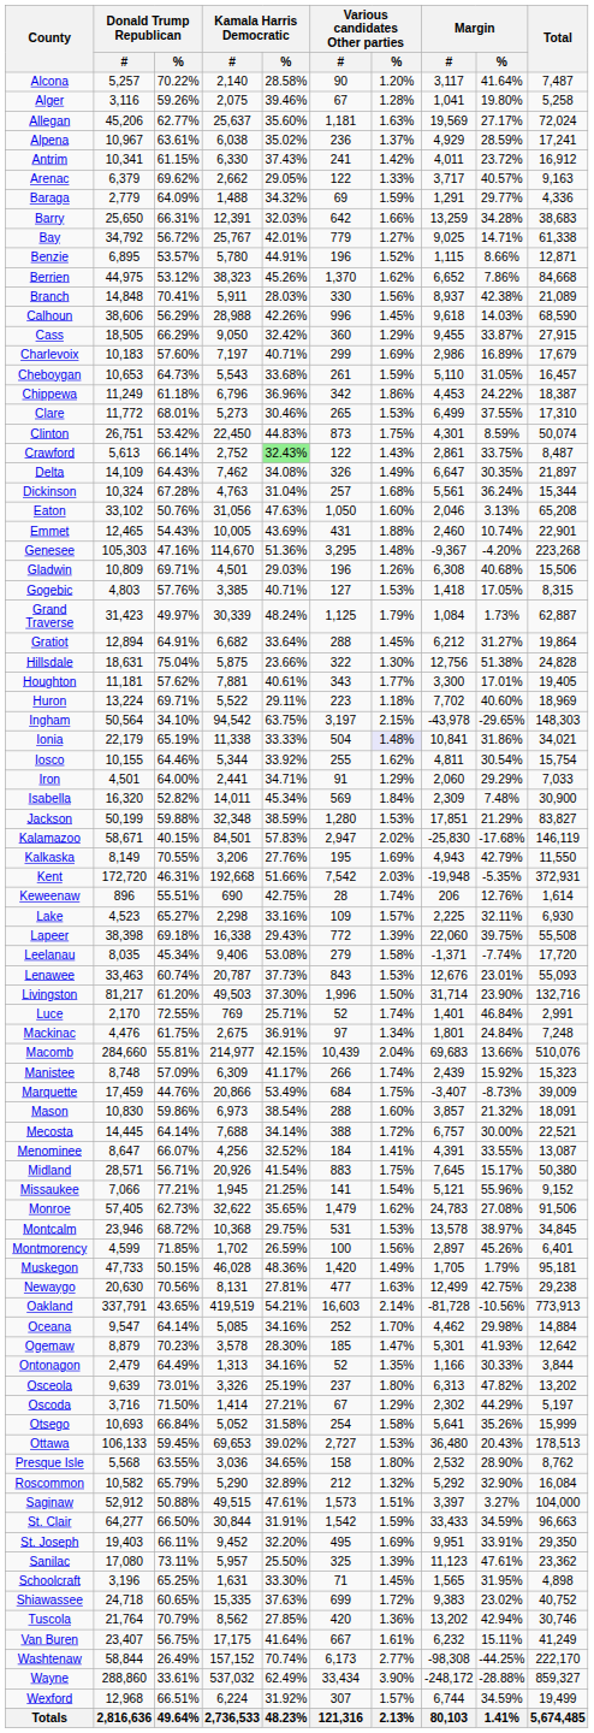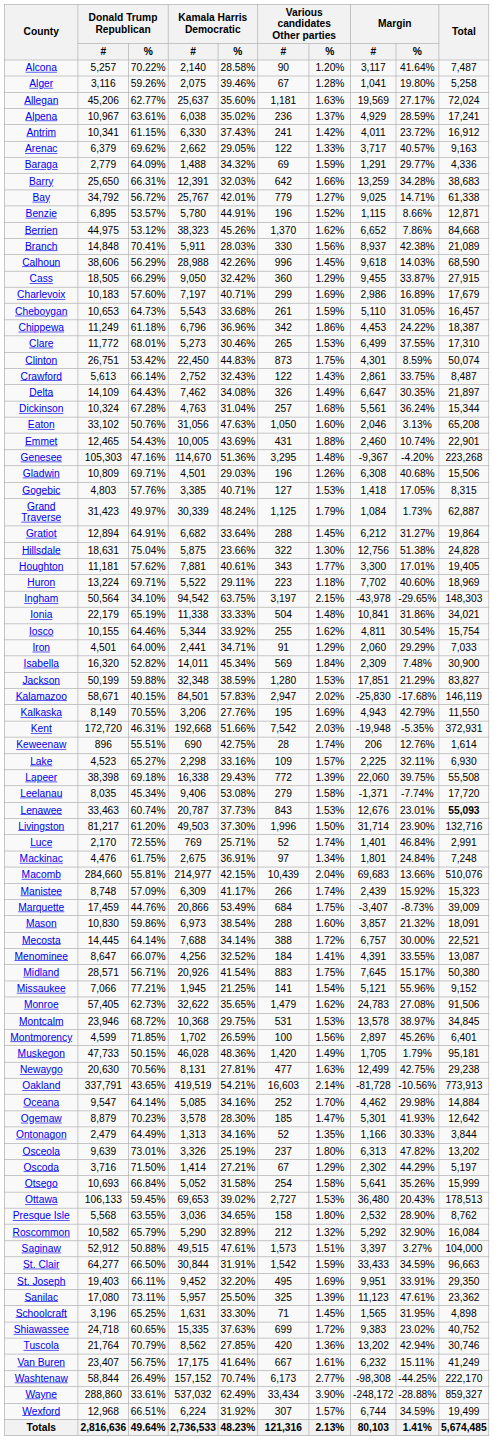 <table width="60%" class="wikitable sortable">
 <tr>
 <th rowspan="2">County</th>
 <th colspan="2">Donald Trump<br>Republican</th>
 <th colspan="2">Kamala Harris<br>Democratic</th>
 <th colspan="2">Various candidates<br>Other parties</th>
 <th colspan="2">Margin</th>
 <th rowspan="2">Total</th>
 </tr>
 <tr>
 <th style="text-align:center;" data-sort-type="number">#</th>
 <th style="text-align:center;" data-sort-type="number">%</th>
 <th style="text-align:center;" data-sort-type="number">#</th>
 <th style="text-align:center;" data-sort-type="number">%</th>
 <th style="text-align:center;" data-sort-type="number">#</th>
 <th style="text-align:center;" data-sort-type="number">%</th>
 <th style="text-align:center;" data-sort-type="number">#</th>
 <th style="text-align:center;" data-sort-type="number">%</th>
 </tr>
 <tr style="text-align:center;">
 <td><a href='#'>Alcona</a></td>
 <td>5,257</td>
 <td>70.22%</td>
 <td>2,140</td>
 <td>28.58%</td>
 <td>90</td>
 <td>1.20%</td>
 <td>3,117</td>
 <td>41.64%</td>
 <td>7,487</td>
 </tr>
 <tr style="text-align:center;">
 <td><a href='#'>Alger</a></td>
 <td>3,116</td>
 <td>59.26%</td>
 <td>2,075</td>
 <td>39.46%</td>
 <td>67</td>
 <td>1.28%</td>
 <td>1,041</td>
 <td>19.80%</td>
 <td>5,258</td>
 </tr>
 <tr style="text-align:center;">
 <td><a href='#'>Allegan</a></td>
 <td>45,206</td>
 <td>62.77%</td>
 <td>25,637</td>
 <td>35.60%</td>
 <td>1,181</td>
 <td>1.63%</td>
 <td>19,569</td>
 <td>27.17%</td>
 <td>72,024</td>
 </tr>
 <tr style="text-align:center;">
 <td><a href='#'>Alpena</a></td>
 <td>10,967</td>
 <td>63.61%</td>
 <td>6,038</td>
 <td>35.02%</td>
 <td>236</td>
 <td>1.37%</td>
 <td>4,929</td>
 <td>28.59%</td>
 <td>17,241</td>
 </tr>
 <tr style="text-align:center;">
 <td><a href='#'>Antrim</a></td>
 <td>10,341</td>
 <td>61.15%</td>
 <td>6,330</td>
 <td>37.43%</td>
 <td>241</td>
 <td>1.42%</td>
 <td>4,011</td>
 <td>23.72%</td>
 <td>16,912</td>
 </tr>
 <tr style="text-align:center;">
 <td><a href='#'>Arenac</a></td>
 <td>6,379</td>
 <td>69.62%</td>
 <td>2,662</td>
 <td>29.05%</td>
 <td>122</td>
 <td>1.33%</td>
 <td>3,717</td>
 <td>40.57%</td>
 <td>9,163</td>
 </tr>
 <tr style="text-align:center;">
 <td><a href='#'>Baraga</a></td>
 <td>2,779</td>
 <td>64.09%</td>
 <td>1,488</td>
 <td>34.32%</td>
 <td>69</td>
 <td>1.59%</td>
 <td>1,291</td>
 <td>29.77%</td>
 <td>4,336</td>
 </tr>
 <tr style="text-align:center;">
 <td><a href='#'>Barry</a></td>
 <td>25,650</td>
 <td>66.31%</td>
 <td>12,391</td>
 <td>32.03%</td>
 <td>642</td>
 <td>1.66%</td>
 <td>13,259</td>
 <td>34.28%</td>
 <td>38,683</td>
 </tr>
 <tr style="text-align:center;">
 <td><a href='#'>Bay</a></td>
 <td>34,792</td>
 <td>56.72%</td>
 <td>25,767</td>
 <td>42.01%</td>
 <td>779</td>
 <td>1.27%</td>
 <td>9,025</td>
 <td>14.71%</td>
 <td>61,338</td>
 </tr>
 <tr style="text-align:center;">
 <td><a href='#'>Benzie</a></td>
 <td>6,895</td>
 <td>53.57%</td>
 <td>5,780</td>
 <td>44.91%</td>
 <td>196</td>
 <td>1.52%</td>
 <td>1,115</td>
 <td>8.66%</td>
 <td>12,871</td>
 </tr>
 <tr style="text-align:center;">
 <td><a href='#'>Berrien</a></td>
 <td>44,975</td>
 <td>53.12%</td>
 <td>38,323</td>
 <td>45.26%</td>
 <td>1,370</td>
 <td>1.62%</td>
 <td>6,652</td>
 <td>7.86%</td>
 <td>84,668</td>
 </tr>
 <tr style="text-align:center;">
 <td><a href='#'>Branch</a></td>
 <td>14,848</td>
 <td>70.41%</td>
 <td>5,911</td>
 <td>28.03%</td>
 <td>330</td>
 <td>1.56%</td>
 <td>8,937</td>
 <td>42.38%</td>
 <td>21,089</td>
 </tr>
 <tr style="text-align:center;">
 <td><a href='#'>Calhoun</a></td>
 <td>38,606</td>
 <td>56.29%</td>
 <td>28,988</td>
 <td>42.26%</td>
 <td>996</td>
 <td>1.45%</td>
 <td>9,618</td>
 <td>14.03%</td>
 <td>68,590</td>
 </tr>
 <tr style="text-align:center;">
 <td><a href='#'>Cass</a></td>
 <td>18,505</td>
 <td>66.29%</td>
 <td>9,050</td>
 <td>32.42%</td>
 <td>360</td>
 <td>1.29%</td>
 <td>9,455</td>
 <td>33.87%</td>
 <td>27,915</td>
 </tr>
 <tr style="text-align:center;">
 <td><a href='#'>Charlevoix</a></td>
 <td>10,183</td>
 <td>57.60%</td>
 <td>7,197</td>
 <td>40.71%</td>
 <td>299</td>
 <td>1.69%</td>
 <td>2,986</td>
 <td>16.89%</td>
 <td>17,679</td>
 </tr>
 <tr style="text-align:center;">
 <td><a href='#'>Cheboygan</a></td>
 <td>10,653</td>
 <td>64.73%</td>
 <td>5,543</td>
 <td>33.68%</td>
 <td>261</td>
 <td>1.59%</td>
 <td>5,110</td>
 <td>31.05%</td>
 <td>16,457</td>
 </tr>
 <tr style="text-align:center;">
 <td><a href='#'>Chippewa</a></td>
 <td>11,249</td>
 <td>61.18%</td>
 <td>6,796</td>
 <td>36.96%</td>
 <td>342</td>
 <td>1.86%</td>
 <td>4,453</td>
 <td>24.22%</td>
 <td>18,387</td>
 </tr>
 <tr style="text-align:center;">
 <td><a href='#'>Clare</a></td>
 <td>11,772</td>
 <td>68.01%</td>
 <td>5,273</td>
 <td>30.46%</td>
 <td>265</td>
 <td>1.53%</td>
 <td>6,499</td>
 <td>37.55%</td>
 <td>17,310</td>
 </tr>
 <tr style="text-align:center;">
 <td><a href='#'>Clinton</a></td>
 <td>26,751</td>
 <td>53.42%</td>
 <td>22,450</td>
 <td>44.83%</td>
 <td>873</td>
 <td>1.75%</td>
 <td>4,301</td>
 <td>8.59%</td>
 <td>50,074</td>
 </tr>
 <tr style="text-align:center;">
 <td><a href='#'>Crawford</a></td>
 <td>5,613</td>
 <td>66.14%</td>
 <td>2,752</td>
-<td style="background: lightgreen;">32.43%</td>
+<td>32.43%</td>
 <td>122</td>
 <td>1.43%</td>
 <td>2,861</td>
 <td>33.75%</td>
 <td>8,487</td>
 </tr>
 <tr style="text-align:center;">
 <td><a href='#'>Delta</a></td>
 <td>14,109</td>
 <td>64.43%</td>
 <td>7,462</td>
 <td>34.08%</td>
 <td>326</td>
 <td>1.49%</td>
 <td>6,647</td>
 <td>30.35%</td>
 <td>21,897</td>
 </tr>
 <tr style="text-align:center;">
 <td><a href='#'>Dickinson</a></td>
 <td>10,324</td>
 <td>67.28%</td>
 <td>4,763</td>
 <td>31.04%</td>
 <td>257</td>
 <td>1.68%</td>
 <td>5,561</td>
 <td>36.24%</td>
 <td>15,344</td>
 </tr>
 <tr style="text-align:center;">
 <td><a href='#'>Eaton</a></td>
 <td>33,102</td>
 <td>50.76%</td>
 <td>31,056</td>
 <td>47.63%</td>
 <td>1,050</td>
 <td>1.60%</td>
 <td>2,046</td>
 <td>3.13%</td>
 <td>65,208</td>
 </tr>
 <tr style="text-align:center;">
 <td><a href='#'>Emmet</a></td>
 <td>12,465</td>
 <td>54.43%</td>
 <td>10,005</td>
 <td>43.69%</td>
 <td>431</td>
 <td>1.88%</td>
 <td>2,460</td>
 <td>10.74%</td>
 <td>22,901</td>
 </tr>
 <tr style="text-align:center;">
 <td><a href='#'>Genesee</a></td>
 <td>105,303</td>
 <td>47.16%</td>
 <td>114,670</td>
 <td>51.36%</td>
 <td>3,295</td>
 <td>1.48%</td>
 <td>-9,367</td>
 <td>-4.20%</td>
 <td>223,268</td>
 </tr>
 <tr style="text-align:center;">
 <td><a href='#'>Gladwin</a></td>
 <td>10,809</td>
 <td>69.71%</td>
 <td>4,501</td>
 <td>29.03%</td>
 <td>196</td>
 <td>1.26%</td>
 <td>6,308</td>
 <td>40.68%</td>
 <td>15,506</td>
 </tr>
 <tr style="text-align:center;">
 <td><a href='#'>Gogebic</a></td>
 <td>4,803</td>
 <td>57.76%</td>
 <td>3,385</td>
 <td>40.71%</td>
 <td>127</td>
 <td>1.53%</td>
 <td>1,418</td>
 <td>17.05%</td>
 <td>8,315</td>
 </tr>
 <tr style="text-align:center;">
 <td><a href='#'>Grand Traverse</a></td>
 <td>31,423</td>
 <td>49.97%</td>
 <td>30,339</td>
 <td>48.24%</td>
 <td>1,125</td>
 <td>1.79%</td>
 <td>1,084</td>
 <td>1.73%</td>
 <td>62,887</td>
 </tr>
 <tr style="text-align:center;">
 <td><a href='#'>Gratiot</a></td>
 <td>12,894</td>
 <td>64.91%</td>
 <td>6,682</td>
 <td>33.64%</td>
 <td>288</td>
 <td>1.45%</td>
 <td>6,212</td>
 <td>31.27%</td>
 <td>19,864</td>
 </tr>
 <tr style="text-align:center;">
 <td><a href='#'>Hillsdale</a></td>
 <td>18,631</td>
 <td>75.04%</td>
 <td>5,875</td>
 <td>23.66%</td>
 <td>322</td>
 <td>1.30%</td>
 <td>12,756</td>
 <td>51.38%</td>
 <td>24,828</td>
 </tr>
 <tr style="text-align:center;">
 <td><a href='#'>Houghton</a></td>
 <td>11,181</td>
 <td>57.62%</td>
 <td>7,881</td>
 <td>40.61%</td>
 <td>343</td>
 <td>1.77%</td>
 <td>3,300</td>
 <td>17.01%</td>
 <td>19,405</td>
 </tr>
 <tr style="text-align:center;">
 <td><a href='#'>Huron</a></td>
 <td>13,224</td>
 <td>69.71%</td>
 <td>5,522</td>
 <td>29.11%</td>
 <td>223</td>
 <td>1.18%</td>
 <td>7,702</td>
 <td>40.60%</td>
 <td>18,969</td>
 </tr>
 <tr style="text-align:center;">
 <td><a href='#'>Ingham</a></td>
 <td>50,564</td>
 <td>34.10%</td>
 <td>94,542</td>
 <td>63.75%</td>
 <td>3,197</td>
 <td>2.15%</td>
 <td>-43,978</td>
 <td>-29.65%</td>
 <td>148,303</td>
 </tr>
 <tr style="text-align:center;">
 <td><a href='#'>Ionia</a></td>
 <td>22,179</td>
 <td>65.19%</td>
 <td>11,338</td>
 <td>33.33%</td>
 <td>504</td>
-<td style="background: lavender;">1.48%</td>
+<td>1.48%</td>
 <td>10,841</td>
 <td>31.86%</td>
 <td>34,021</td>
 </tr>
 <tr style="text-align:center;">
 <td><a href='#'>Iosco</a></td>
 <td>10,155</td>
 <td>64.46%</td>
 <td>5,344</td>
 <td>33.92%</td>
 <td>255</td>
 <td>1.62%</td>
 <td>4,811</td>
 <td>30.54%</td>
 <td>15,754</td>
 </tr>
 <tr style="text-align:center;">
 <td><a href='#'>Iron</a></td>
 <td>4,501</td>
 <td>64.00%</td>
 <td>2,441</td>
 <td>34.71%</td>
 <td>91</td>
 <td>1.29%</td>
 <td>2,060</td>
 <td>29.29%</td>
 <td>7,033</td>
 </tr>
 <tr style="text-align:center;">
 <td><a href='#'>Isabella</a></td>
 <td>16,320</td>
 <td>52.82%</td>
 <td>14,011</td>
 <td>45.34%</td>
 <td>569</td>
 <td>1.84%</td>
 <td>2,309</td>
 <td>7.48%</td>
 <td>30,900</td>
 </tr>
 <tr style="text-align:center;">
 <td><a href='#'>Jackson</a></td>
 <td>50,199</td>
 <td>59.88%</td>
 <td>32,348</td>
 <td>38.59%</td>
 <td>1,280</td>
 <td>1.53%</td>
 <td>17,851</td>
 <td>21.29%</td>
 <td>83,827</td>
 </tr>
 <tr style="text-align:center;">
 <td><a href='#'>Kalamazoo</a></td>
 <td>58,671</td>
 <td>40.15%</td>
 <td>84,501</td>
 <td>57.83%</td>
 <td>2,947</td>
 <td>2.02%</td>
 <td>-25,830</td>
 <td>-17.68%</td>
 <td>146,119</td>
 </tr>
 <tr style="text-align:center;">
 <td><a href='#'>Kalkaska</a></td>
 <td>8,149</td>
 <td>70.55%</td>
 <td>3,206</td>
 <td>27.76%</td>
 <td>195</td>
 <td>1.69%</td>
 <td>4,943</td>
 <td>42.79%</td>
 <td>11,550</td>
 </tr>
 <tr style="text-align:center;">
 <td><a href='#'>Kent</a></td>
 <td>172,720</td>
 <td>46.31%</td>
 <td>192,668</td>
 <td>51.66%</td>
 <td>7,542</td>
 <td>2.03%</td>
 <td>-19,948</td>
 <td>-5.35%</td>
 <td>372,931</td>
 </tr>
 <tr style="text-align:center;">
 <td><a href='#'>Keweenaw</a></td>
 <td>896</td>
 <td>55.51%</td>
 <td>690</td>
 <td>42.75%</td>
 <td>28</td>
 <td>1.74%</td>
 <td>206</td>
 <td>12.76%</td>
 <td>1,614</td>
 </tr>
 <tr style="text-align:center;">
 <td><a href='#'>Lake</a></td>
 <td>4,523</td>
 <td>65.27%</td>
 <td>2,298</td>
 <td>33.16%</td>
 <td>109</td>
 <td>1.57%</td>
 <td>2,225</td>
 <td>32.11%</td>
 <td>6,930</td>
 </tr>
 <tr style="text-align:center;">
 <td><a href='#'>Lapeer</a></td>
 <td>38,398</td>
 <td>69.18%</td>
 <td>16,338</td>
 <td>29.43%</td>
 <td>772</td>
 <td>1.39%</td>
 <td>22,060</td>
 <td>39.75%</td>
 <td>55,508</td>
 </tr>
 <tr style="text-align:center;">
 <td><a href='#'>Leelanau</a></td>
 <td>8,035</td>
 <td>45.34%</td>
 <td>9,406</td>
 <td>53.08%</td>
 <td>279</td>
 <td>1.58%</td>
 <td>-1,371</td>
 <td>-7.74%</td>
 <td>17,720</td>
 </tr>
 <tr style="text-align:center;">
 <td><a href='#'>Lenawee</a></td>
 <td>33,463</td>
 <td>60.74%</td>
 <td>20,787</td>
 <td>37.73%</td>
 <td>843</td>
 <td>1.53%</td>
 <td>12,676</td>
 <td>23.01%</td>
-<td>55,093</td>
+<td><strong>55,093</strong></td>
 </tr>
 <tr style="text-align:center;">
 <td><a href='#'>Livingston</a></td>
 <td>81,217</td>
 <td>61.20%</td>
 <td>49,503</td>
 <td>37.30%</td>
 <td>1,996</td>
 <td>1.50%</td>
 <td>31,714</td>
 <td>23.90%</td>
 <td>132,716</td>
 </tr>
 <tr style="text-align:center;">
 <td><a href='#'>Luce</a></td>
 <td>2,170</td>
 <td>72.55%</td>
 <td>769</td>
 <td>25.71%</td>
 <td>52</td>
 <td>1.74%</td>
 <td>1,401</td>
 <td>46.84%</td>
 <td>2,991</td>
 </tr>
 <tr style="text-align:center;">
 <td><a href='#'>Mackinac</a></td>
 <td>4,476</td>
 <td>61.75%</td>
 <td>2,675</td>
 <td>36.91%</td>
 <td>97</td>
 <td>1.34%</td>
 <td>1,801</td>
 <td>24.84%</td>
 <td>7,248</td>
 </tr>
 <tr style="text-align:center;">
 <td><a href='#'>Macomb</a></td>
 <td>284,660</td>
 <td>55.81%</td>
 <td>214,977</td>
 <td>42.15%</td>
 <td>10,439</td>
 <td>2.04%</td>
 <td>69,683</td>
 <td>13.66%</td>
 <td>510,076</td>
 </tr>
 <tr style="text-align:center;">
 <td><a href='#'>Manistee</a></td>
 <td>8,748</td>
 <td>57.09%</td>
 <td>6,309</td>
 <td>41.17%</td>
 <td>266</td>
 <td>1.74%</td>
 <td>2,439</td>
 <td>15.92%</td>
 <td>15,323</td>
 </tr>
 <tr style="text-align:center;">
 <td><a href='#'>Marquette</a></td>
 <td>17,459</td>
 <td>44.76%</td>
 <td>20,866</td>
 <td>53.49%</td>
 <td>684</td>
 <td>1.75%</td>
 <td>-3,407</td>
 <td>-8.73%</td>
 <td>39,009</td>
 </tr>
 <tr style="text-align:center;">
 <td><a href='#'>Mason</a></td>
 <td>10,830</td>
 <td>59.86%</td>
 <td>6,973</td>
 <td>38.54%</td>
 <td>288</td>
 <td>1.60%</td>
 <td>3,857</td>
 <td>21.32%</td>
 <td>18,091</td>
 </tr>
 <tr style="text-align:center;">
 <td><a href='#'>Mecosta</a></td>
 <td>14,445</td>
 <td>64.14%</td>
 <td>7,688</td>
 <td>34.14%</td>
 <td>388</td>
 <td>1.72%</td>
 <td>6,757</td>
 <td>30.00%</td>
 <td>22,521</td>
 </tr>
 <tr style="text-align:center;">
 <td><a href='#'>Menominee</a></td>
 <td>8,647</td>
 <td>66.07%</td>
 <td>4,256</td>
 <td>32.52%</td>
 <td>184</td>
 <td>1.41%</td>
 <td>4,391</td>
 <td>33.55%</td>
 <td>13,087</td>
 </tr>
 <tr style="text-align:center;">
 <td><a href='#'>Midland</a></td>
 <td>28,571</td>
 <td>56.71%</td>
 <td>20,926</td>
 <td>41.54%</td>
 <td>883</td>
 <td>1.75%</td>
 <td>7,645</td>
 <td>15.17%</td>
 <td>50,380</td>
 </tr>
 <tr style="text-align:center;">
 <td><a href='#'>Missaukee</a></td>
 <td>7,066</td>
 <td>77.21%</td>
 <td>1,945</td>
 <td>21.25%</td>
 <td>141</td>
 <td>1.54%</td>
 <td>5,121</td>
 <td>55.96%</td>
 <td>9,152</td>
 </tr>
 <tr style="text-align:center;">
 <td><a href='#'>Monroe</a></td>
 <td>57,405</td>
 <td>62.73%</td>
 <td>32,622</td>
 <td>35.65%</td>
 <td>1,479</td>
 <td>1.62%</td>
 <td>24,783</td>
 <td>27.08%</td>
 <td>91,506</td>
 </tr>
 <tr style="text-align:center;">
 <td><a href='#'>Montcalm</a></td>
 <td>23,946</td>
 <td>68.72%</td>
 <td>10,368</td>
 <td>29.75%</td>
 <td>531</td>
 <td>1.53%</td>
 <td>13,578</td>
 <td>38.97%</td>
 <td>34,845</td>
 </tr>
 <tr style="text-align:center;">
 <td><a href='#'>Montmorency</a></td>
 <td>4,599</td>
 <td>71.85%</td>
 <td>1,702</td>
 <td>26.59%</td>
 <td>100</td>
 <td>1.56%</td>
 <td>2,897</td>
 <td>45.26%</td>
 <td>6,401</td>
 </tr>
 <tr style="text-align:center;">
 <td><a href='#'>Muskegon</a></td>
 <td>47,733</td>
 <td>50.15%</td>
 <td>46,028</td>
 <td>48.36%</td>
 <td>1,420</td>
 <td>1.49%</td>
 <td>1,705</td>
 <td>1.79%</td>
 <td>95,181</td>
 </tr>
 <tr style="text-align:center;">
 <td><a href='#'>Newaygo</a></td>
 <td>20,630</td>
 <td>70.56%</td>
 <td>8,131</td>
 <td>27.81%</td>
 <td>477</td>
 <td>1.63%</td>
 <td>12,499</td>
 <td>42.75%</td>
 <td>29,238</td>
 </tr>
 <tr style="text-align:center;">
 <td><a href='#'>Oakland</a></td>
 <td>337,791</td>
 <td>43.65%</td>
 <td>419,519</td>
 <td>54.21%</td>
 <td>16,603</td>
 <td>2.14%</td>
 <td>-81,728</td>
 <td>-10.56%</td>
 <td>773,913</td>
 </tr>
 <tr style="text-align:center;">
 <td><a href='#'>Oceana</a></td>
 <td>9,547</td>
 <td>64.14%</td>
 <td>5,085</td>
 <td>34.16%</td>
 <td>252</td>
 <td>1.70%</td>
 <td>4,462</td>
 <td>29.98%</td>
 <td>14,884</td>
 </tr>
 <tr style="text-align:center;">
 <td><a href='#'>Ogemaw</a></td>
 <td>8,879</td>
 <td>70.23%</td>
 <td>3,578</td>
 <td>28.30%</td>
 <td>185</td>
 <td>1.47%</td>
 <td>5,301</td>
 <td>41.93%</td>
 <td>12,642</td>
 </tr>
 <tr style="text-align:center;">
 <td><a href='#'>Ontonagon</a></td>
 <td>2,479</td>
 <td>64.49%</td>
 <td>1,313</td>
 <td>34.16%</td>
 <td>52</td>
 <td>1.35%</td>
 <td>1,166</td>
 <td>30.33%</td>
 <td>3,844</td>
 </tr>
 <tr style="text-align:center;">
 <td><a href='#'>Osceola</a></td>
 <td>9,639</td>
 <td>73.01%</td>
 <td>3,326</td>
 <td>25.19%</td>
 <td>237</td>
 <td>1.80%</td>
 <td>6,313</td>
 <td>47.82%</td>
 <td>13,202</td>
 </tr>
 <tr style="text-align:center;">
 <td><a href='#'>Oscoda</a></td>
 <td>3,716</td>
 <td>71.50%</td>
 <td>1,414</td>
 <td>27.21%</td>
 <td>67</td>
 <td>1.29%</td>
 <td>2,302</td>
 <td>44.29%</td>
 <td>5,197</td>
 </tr>
 <tr style="text-align:center;">
 <td><a href='#'>Otsego</a></td>
 <td>10,693</td>
 <td>66.84%</td>
 <td>5,052</td>
 <td>31.58%</td>
 <td>254</td>
 <td>1.58%</td>
 <td>5,641</td>
 <td>35.26%</td>
 <td>15,999</td>
 </tr>
 <tr style="text-align:center;">
 <td><a href='#'>Ottawa</a></td>
 <td>106,133</td>
 <td>59.45%</td>
 <td>69,653</td>
 <td>39.02%</td>
 <td>2,727</td>
 <td>1.53%</td>
 <td>36,480</td>
 <td>20.43%</td>
 <td>178,513</td>
 </tr>
 <tr style="text-align:center;">
 <td><a href='#'>Presque Isle</a></td>
 <td>5,568</td>
 <td>63.55%</td>
 <td>3,036</td>
 <td>34.65%</td>
 <td>158</td>
 <td>1.80%</td>
 <td>2,532</td>
 <td>28.90%</td>
 <td>8,762</td>
 </tr>
 <tr style="text-align:center;">
 <td><a href='#'>Roscommon</a></td>
 <td>10,582</td>
 <td>65.79%</td>
 <td>5,290</td>
 <td>32.89%</td>
 <td>212</td>
 <td>1.32%</td>
 <td>5,292</td>
 <td>32.90%</td>
 <td>16,084</td>
 </tr>
 <tr style="text-align:center;">
 <td><a href='#'>Saginaw</a></td>
 <td>52,912</td>
 <td>50.88%</td>
 <td>49,515</td>
 <td>47.61%</td>
 <td>1,573</td>
 <td>1.51%</td>
 <td>3,397</td>
 <td>3.27%</td>
 <td>104,000</td>
 </tr>
 <tr style="text-align:center;">
 <td><a href='#'>St. Clair</a></td>
 <td>64,277</td>
 <td>66.50%</td>
 <td>30,844</td>
 <td>31.91%</td>
 <td>1,542</td>
 <td>1.59%</td>
 <td>33,433</td>
 <td>34.59%</td>
 <td>96,663</td>
 </tr>
 <tr style="text-align:center;">
 <td><a href='#'>St. Joseph</a></td>
 <td>19,403</td>
 <td>66.11%</td>
 <td>9,452</td>
 <td>32.20%</td>
 <td>495</td>
 <td>1.69%</td>
 <td>9,951</td>
 <td>33.91%</td>
 <td>29,350</td>
 </tr>
 <tr style="text-align:center;">
 <td><a href='#'>Sanilac</a></td>
 <td>17,080</td>
 <td>73.11%</td>
 <td>5,957</td>
 <td>25.50%</td>
 <td>325</td>
 <td>1.39%</td>
 <td>11,123</td>
 <td>47.61%</td>
 <td>23,362</td>
 </tr>
 <tr style="text-align:center;">
 <td><a href='#'>Schoolcraft</a></td>
 <td>3,196</td>
 <td>65.25%</td>
 <td>1,631</td>
 <td>33.30%</td>
 <td>71</td>
 <td>1.45%</td>
 <td>1,565</td>
 <td>31.95%</td>
 <td>4,898</td>
 </tr>
 <tr style="text-align:center;">
 <td><a href='#'>Shiawassee</a></td>
 <td>24,718</td>
 <td>60.65%</td>
 <td>15,335</td>
 <td>37.63%</td>
 <td>699</td>
 <td>1.72%</td>
 <td>9,383</td>
 <td>23.02%</td>
 <td>40,752</td>
 </tr>
 <tr style="text-align:center;">
 <td><a href='#'>Tuscola</a></td>
 <td>21,764</td>
 <td>70.79%</td>
 <td>8,562</td>
 <td>27.85%</td>
 <td>420</td>
 <td>1.36%</td>
 <td>13,202</td>
 <td>42.94%</td>
 <td>30,746</td>
 </tr>
 <tr style="text-align:center;">
 <td><a href='#'>Van Buren</a></td>
 <td>23,407</td>
 <td>56.75%</td>
 <td>17,175</td>
 <td>41.64%</td>
 <td>667</td>
 <td>1.61%</td>
 <td>6,232</td>
 <td>15.11%</td>
 <td>41,249</td>
 </tr>
 <tr style="text-align:center;">
 <td><a href='#'>Washtenaw</a></td>
 <td>58,844</td>
 <td>26.49%</td>
 <td>157,152</td>
 <td>70.74%</td>
 <td>6,173</td>
 <td>2.77%</td>
 <td>-98,308</td>
 <td>-44.25%</td>
 <td>222,170</td>
 </tr>
 <tr style="text-align:center;">
 <td><a href='#'>Wayne</a></td>
 <td>288,860</td>
 <td>33.61%</td>
 <td>537,032</td>
 <td>62.49%</td>
 <td>33,434</td>
 <td>3.90%</td>
 <td>-248,172</td>
 <td>-28.88%</td>
 <td>859,327</td>
 </tr>
 <tr style="text-align:center;">
 <td><a href='#'>Wexford</a></td>
 <td>12,968</td>
 <td>66.51%</td>
 <td>6,224</td>
 <td>31.92%</td>
 <td>307</td>
 <td>1.57%</td>
 <td>6,744</td>
 <td>34.59%</td>
 <td>19,499</td>
 </tr>
 <tr>
 <th>Totals</th>
 <th>2,816,636</th>
 <th>49.64%</th>
 <th>2,736,533</th>
 <th>48.23%</th>
 <th>121,316</th>
 <th>2.13%</th>
 <th>80,103</th>
 <th>1.41%</th>
 <th>5,674,485</th>
 </tr>
 </table>
